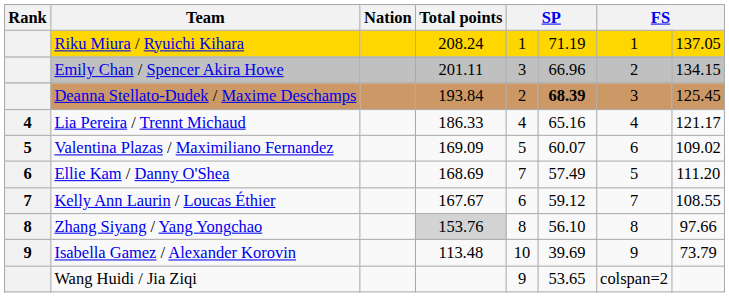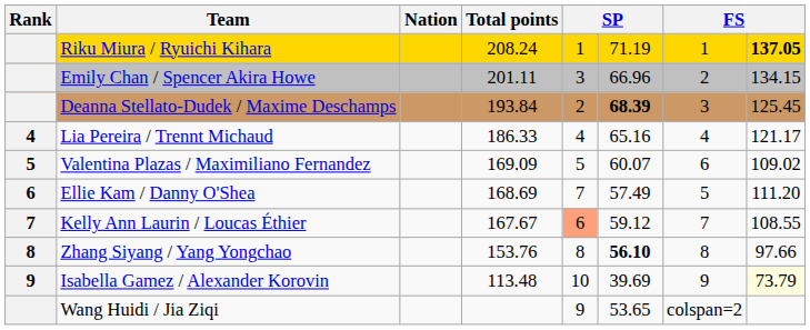 <table class="wikitable sortable" style="text-align:left">
 <tr>
 <th scope="col">Rank</th>
 <th scope="col">Team</th>
 <th scope="col">Nation</th>
 <th scope="col">Total points</th>
 <th colspan="2" scope="col" width="80px"><a href='#'>SP</a></th>
 <th colspan="2" scope="col" width="80px"><a href='#'>FS</a></th>
 </tr>
 <tr bgcolor="gold">
 <th scope="row"></th>
 <td><a href='#'>Riku Miura</a> / <a href='#'>Ryuichi Kihara</a></td>
 <td></td>
 <td align="center">208.24</td>
 <td align="center">1</td>
 <td align="center">71.19</td>
 <td align="center">1</td>
-<td align="center">137.05</td>
+<td align="center"><strong>137.05</strong></td>
 </tr>
 <tr bgcolor="silver">
 <th scope="row"></th>
 <td><a href='#'>Emily Chan</a> / <a href='#'>Spencer Akira Howe</a></td>
 <td></td>
 <td align="center">201.11</td>
 <td align="center">3</td>
 <td align="center">66.96</td>
 <td align="center">2</td>
 <td align="center">134.15</td>
 </tr>
 <tr bgcolor="cc9966">
 <th scope="row"></th>
 <td><a href='#'>Deanna Stellato-Dudek</a> / <a href='#'>Maxime Deschamps</a></td>
 <td></td>
 <td align="center">193.84</td>
 <td align="center">2</td>
 <td align="center"><strong>68.39</strong></td>
 <td align="center">3</td>
 <td align="center">125.45</td>
 </tr>
 <tr>
 <th scope="row">4</th>
 <td><a href='#'>Lia Pereira</a> / <a href='#'>Trennt Michaud</a></td>
 <td></td>
 <td align="center">186.33</td>
 <td align="center">4</td>
 <td align="center">65.16</td>
 <td align="center">4</td>
 <td align="center">121.17</td>
 </tr>
 <tr>
 <th scope="row">5</th>
 <td><a href='#'>Valentina Plazas</a> / <a href='#'>Maximiliano Fernandez</a></td>
 <td></td>
 <td align="center">169.09</td>
 <td align="center">5</td>
 <td align="center">60.07</td>
 <td align="center">6</td>
 <td align="center">109.02</td>
 </tr>
 <tr>
 <th scope="row">6</th>
 <td><a href='#'>Ellie Kam</a> / <a href='#'>Danny O'Shea</a></td>
 <td></td>
 <td align="center">168.69</td>
 <td align="center">7</td>
 <td align="center">57.49</td>
 <td align="center">5</td>
 <td align="center">111.20</td>
 </tr>
 <tr>
 <th scope="row">7</th>
 <td><a href='#'>Kelly Ann Laurin</a> / <a href='#'>Loucas Éthier</a></td>
 <td></td>
 <td align="center">167.67</td>
-<td align="center">6</td>
+<td align="center" style="background: lightsalmon;">6</td>
 <td align="center">59.12</td>
 <td align="center">7</td>
 <td align="center">108.55</td>
 </tr>
 <tr>
 <th scope="row">8</th>
 <td><a href='#'>Zhang Siyang</a> / <a href='#'>Yang Yongchao</a></td>
 <td></td>
-<td align="center" style="background: lightgrey;">153.76</td>
+<td align="center">153.76</td>
 <td align="center">8</td>
-<td align="center">56.10</td>
+<td align="center"><strong>56.10</strong></td>
 <td align="center">8</td>
 <td align="center">97.66</td>
 </tr>
 <tr>
 <th scope="row">9</th>
 <td><a href='#'>Isabella Gamez</a> / <a href='#'>Alexander Korovin</a></td>
 <td></td>
 <td align="center">113.48</td>
 <td align="center">10</td>
 <td align="center">39.69</td>
 <td align="center">9</td>
-<td align="center">73.79</td>
+<td align="center" style="background: lightyellow;">73.79</td>
 </tr>
 <tr>
 <th scope="row"></th>
 <td>Wang Huidi / Jia Ziqi</td>
 <td></td>
 <td></td>
 <td align="center">9</td>
 <td align="center">53.65</td>
 <td>colspan=2 </td>
 </tr>
 </table>
